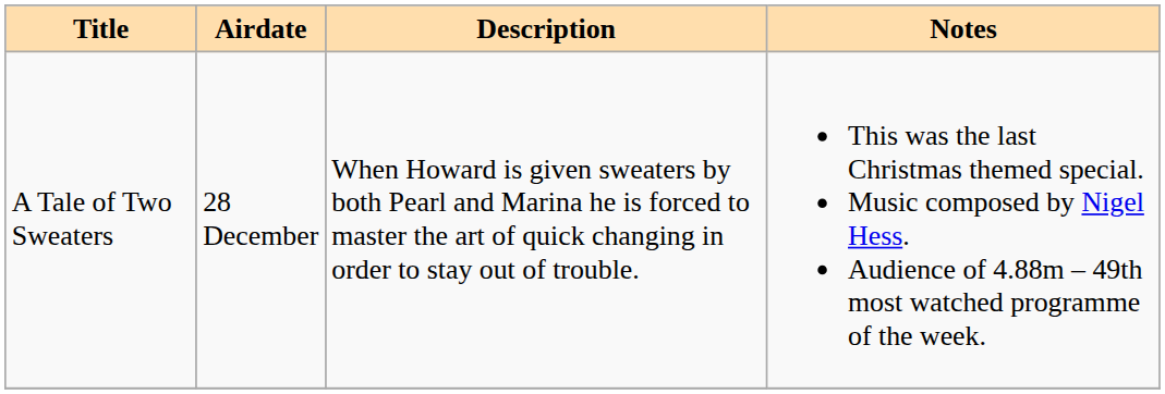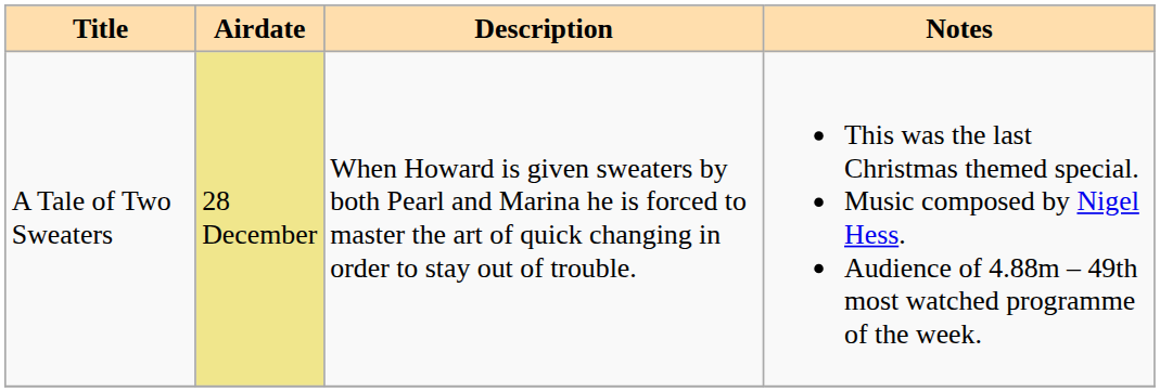 <table class="wikitable" width=100% border=1 style="font-size: 95%">
 <tr>
 <th style="background:#ffdead" width=17%>Title</th>
 <th style="background:#ffdead" width=8%>Airdate</th>
 <th style="background:#ffdead" width=40%>Description</th>
 <th style="background:#ffdead" width=35%>Notes</th>
 </tr>
 <tr>
 <td>A Tale of Two Sweaters</td>
-<td>28 December</td>
+<td style="background: khaki;">28 December</td>
 <td>When Howard is given sweaters by both Pearl and Marina he is forced to master the art of quick changing in order to stay out of trouble.</td>
 <td><br><ul><li>This was the last Christmas themed special.</li><li>Music composed by <a href='#'>Nigel Hess</a>.</li><li>Audience of 4.88m – 49th most watched programme of the week.</li></ul></td>
 </tr>
 <tr>
 </tr>
 </table>
